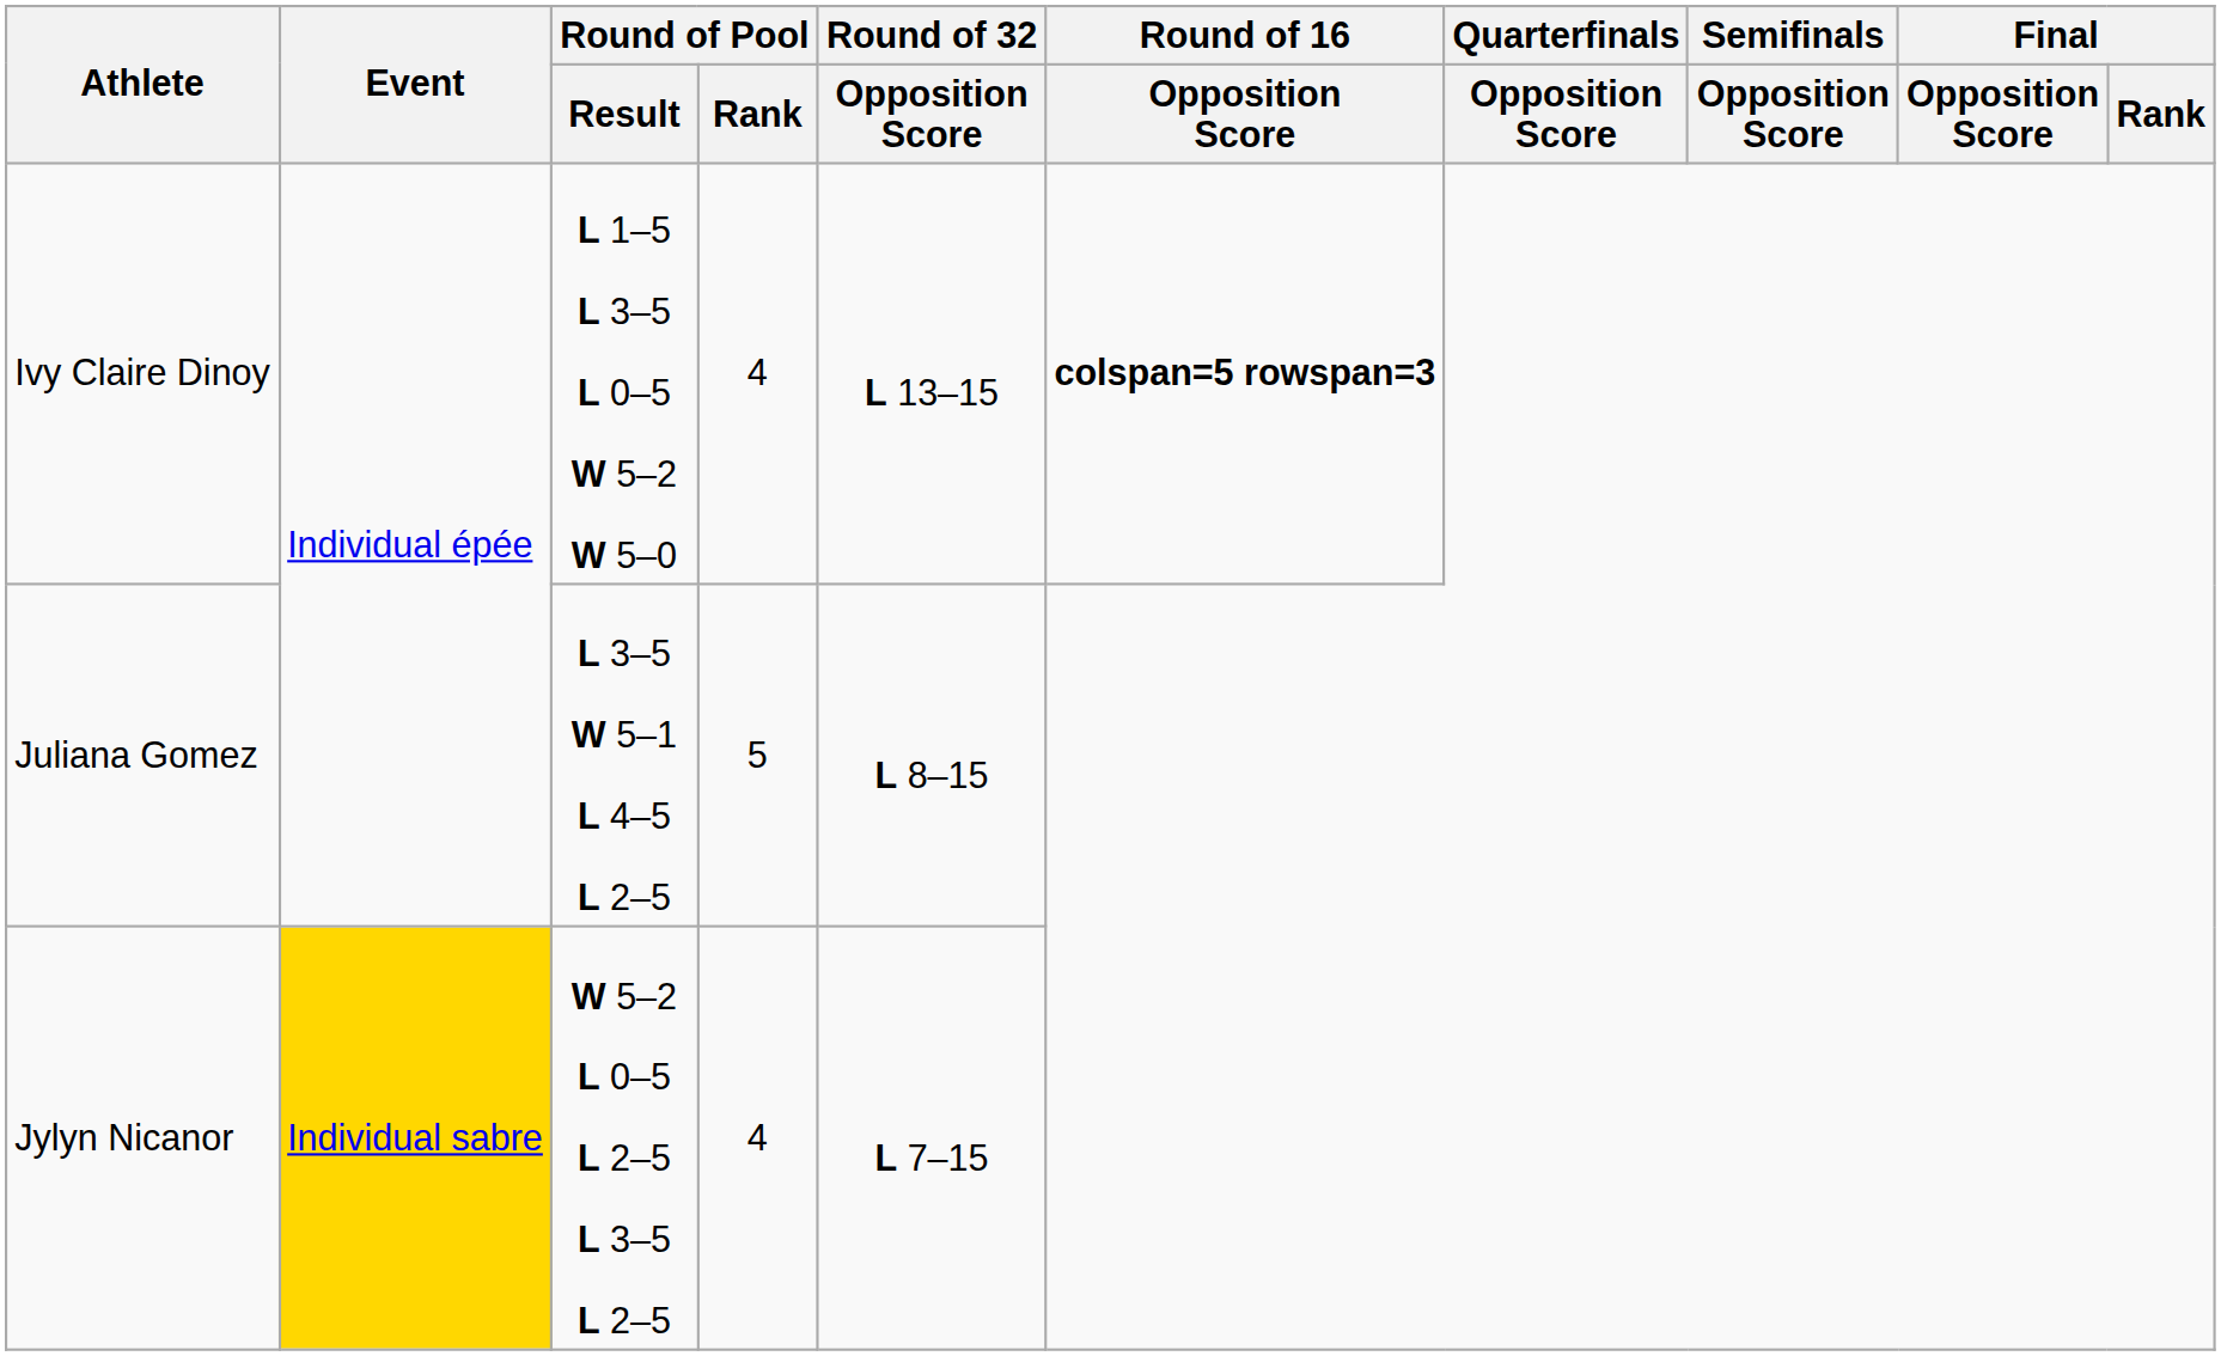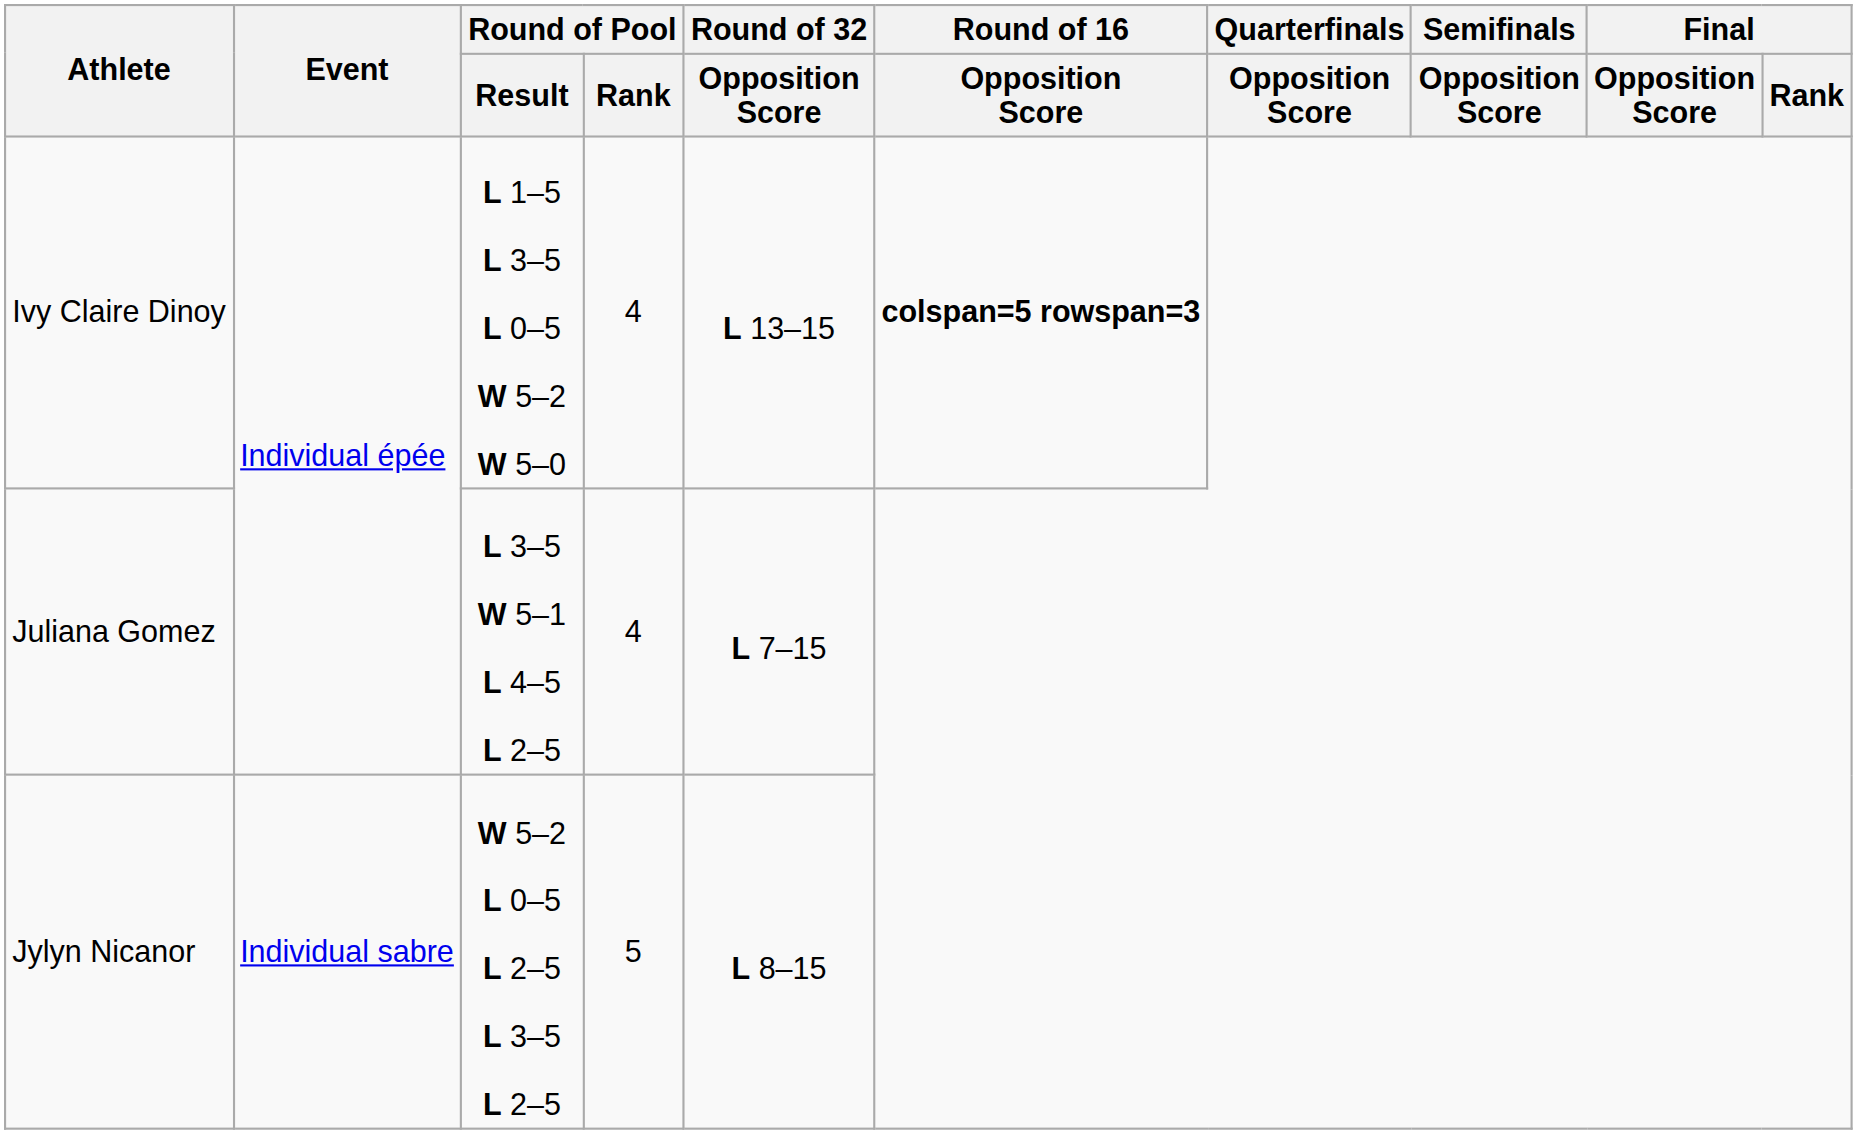 <table class="wikitable" border="1" style="font-size:90%">
 <tr>
 <th rowspan=2>Athlete</th>
 <th rowspan=2>Event</th>
 <th colspan=2>Round of Pool</th>
 <th>Round of 32</th>
 <th>Round of 16</th>
 <th>Quarterfinals</th>
 <th>Semifinals</th>
 <th colspan=2>Final</th>
 </tr>
 <tr>
 <th>Result</th>
 <th>Rank</th>
 <th>Opposition<br>Score</th>
 <th>Opposition<br>Score</th>
 <th>Opposition<br>Score</th>
 <th>Opposition<br>Score</th>
 <th>Opposition<br>Score</th>
 <th>Rank</th>
 </tr>
 <tr align=center>
 <td align=left>Ivy Claire Dinoy</td>
 <td rowspan=2 align=left><a href='#'>Individual épée</a></td>
 <td><br><strong>L</strong> 1–5<br><br><strong>L</strong> 3–5<br><br><strong>L</strong> 0–5<br><br><strong>W</strong> 5–2<br><br><strong>W</strong> 5–0</td>
 <td>4 <strong></strong></td>
 <td><br><strong>L</strong> 13–15</td>
 <td><strong>colspan=5 rowspan=3 </strong></td>
 </tr>
 <tr align=center>
 <td align=left>Juliana Gomez</td>
 <td><br><strong>L</strong> 3–5<br><br><strong>W</strong> 5–1<br><br><strong>L</strong> 4–5<br><br><strong>L</strong> 2–5</td>
+<td>4 <strong></strong></td>
+<td><br><strong>L</strong> 7–15</td>
+</tr>
+<tr align=center>
+<td align=left>Jylyn Nicanor</td>
+<td align=left><a href='#'>Individual sabre</a></td>
+<td><br><strong>W</strong> 5–2<br><br><strong>L</strong> 0–5<br><br><strong>L</strong> 2–5<br><br><strong>L</strong> 3–5<br><br><strong>L</strong> 2–5</td>
 <td>5 <strong></strong></td>
 <td><br><strong>L</strong> 8–15</td>
 </tr>
-<tr align=center>
-<td align=left>Jylyn Nicanor</td>
-<td align=left style="background: gold;"><a href='#'>Individual sabre</a></td>
-<td><br><strong>W</strong> 5–2<br><br><strong>L</strong> 0–5<br><br><strong>L</strong> 2–5<br><br><strong>L</strong> 3–5<br><br><strong>L</strong> 2–5</td>
-<td>4 <strong></strong></td>
-<td><br><strong>L</strong> 7–15</td>
-</tr>
 </table>
